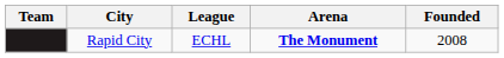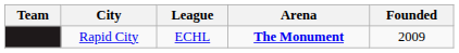 <table class="wikitable sortable" width="60%">
 <tr>
 <th>Team</th>
 <th>City</th>
 <th>League</th>
 <th>Arena</th>
 <th>Founded</th>
 </tr>
 <tr align=center>
 <td style="color:white; background:#1e191a; "><strong><a href='#'></a></strong></td>
 <td><a href='#'>Rapid City</a></td>
 <td><a href='#'>ECHL</a></td>
 <td><strong><a href='#'>The Monument</a></strong></td>
-<td>2008</td>
+<td>2009</td>
 </tr>
 </table>
